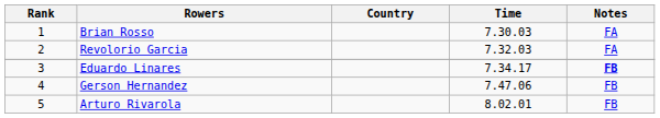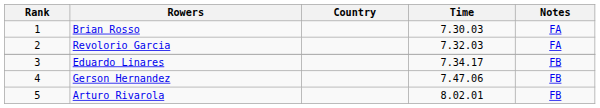 <table class="wikitable" width=60% style="text-align:center">
 <tr>
 <th>Rank</th>
 <th>Rowers</th>
 <th>Country</th>
 <th>Time</th>
 <th>Notes</th>
 </tr>
 <tr>
 <td>1</td>
 <td align=left><a href='#'>Brian Rosso</a></td>
 <td align=left></td>
 <td>7.30.03</td>
 <td><a href='#'>FA</a></td>
 </tr>
 <tr>
 <td>2</td>
 <td align=left><a href='#'>Revolorio Garcia</a></td>
 <td align=left></td>
 <td>7.32.03</td>
 <td><a href='#'>FA</a></td>
 </tr>
 <tr>
 </tr>
 <tr>
 <td>3</td>
 <td align=left><a href='#'>Eduardo Linares</a></td>
 <td align=left></td>
 <td>7.34.17</td>
-<td><strong><a href='#'>FB</a></strong></td>
+<td><a href='#'>FB</a></td>
 </tr>
 <tr>
 <td>4</td>
 <td align=left><a href='#'>Gerson Hernandez</a></td>
 <td align=left></td>
 <td>7.47.06</td>
 <td><a href='#'>FB</a></td>
 </tr>
 <tr>
 <td>5</td>
 <td align=left><a href='#'>Arturo Rivarola</a></td>
 <td align=left></td>
 <td>8.02.01</td>
 <td><a href='#'>FB</a></td>
 </tr>
 </table>
